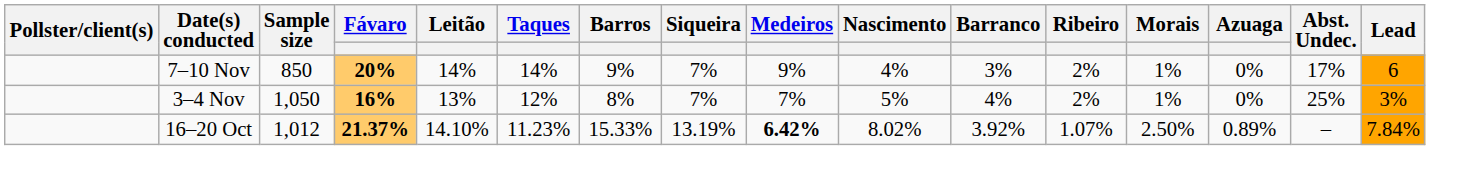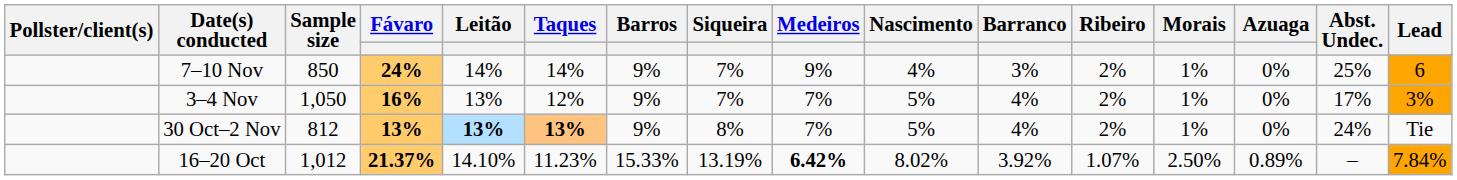 <table class="wikitable sortable" style="text-align:center;font-size:90%;line-height:14px;">
 <tr>
 <th rowspan="2">Pollster/client(s)</th>
 <th rowspan="2">Date(s)<br>conducted</th>
 <th rowspan="2" data-sort-type="number">Sample<br>size</th>
 <th class="unsortable" style="width:50px;"><a href='#'>Fávaro</a><br></th>
 <th class="unsortable" style="width:50px;">Leitão<br></th>
 <th class="unsortable" style="width:50px;"><a href='#'>Taques</a><br></th>
 <th class="unsortable" style="width:50px;">Barros<br></th>
 <th class="unsortable" style="width:50px;">Siqueira<br></th>
 <th class="unsortable" style="width:50px;"><a href='#'>Medeiros</a><br></th>
 <th class="unsortable" style="width:50px;">Nascimento<br></th>
 <th class="unsortable" style="width:50px;">Barranco<br></th>
 <th class="unsortable" style="width:50px;">Ribeiro<br></th>
 <th class="unsortable" style="width:50px;">Morais<br></th>
 <th class="unsortable" style="width:50px;">Azuaga<br></th>
 <th rowspan="2" class="unsortable">Abst.<br>Undec.</th>
 <th rowspan="2" data-sort-type="number">Lead</th>
 </tr>
 <tr>
 <th data-sort-type="number" class="sortable" style="background:"></th>
 <th data-sort-type="number" class="sortable" style="background:"></th>
 <th data-sort-type="number" class="sortable" style="background:"></th>
 <th data-sort-type="number" class="sortable" style="background:"></th>
 <th data-sort-type="number" class="sortable" style="background:"></th>
 <th data-sort-type="number" class="sortable" style="background:"></th>
 <th data-sort-type="number" class="sortable" style="background:"></th>
 <th data-sort-type="number" class="sortable" style="background:"></th>
 <th data-sort-type="number" class="sortable" style="background:"></th>
 <th data-sort-type="number" class="sortable" style="background:"></th>
 <th data-sort-type="number" class="sortable" style="background:"></th>
 </tr>
 <tr>
 <td></td>
 <td>7–10 Nov</td>
 <td>850</td>
-<td style="background:#FFCB6B;"><strong>20%</strong></td>
+<td style="background:#FFCB6B;"><strong>24%</strong></td>
 <td>14%</td>
 <td>14%</td>
 <td>9%</td>
 <td>7%</td>
 <td>9%</td>
 <td>4%</td>
 <td>3%</td>
 <td>2%</td>
 <td>1%</td>
 <td>0%</td>
-<td>17%</td>
+<td>25%</td>
 <td style="background:#FFA500;">6</td>
 </tr>
 <tr>
 <td></td>
 <td>3–4 Nov</td>
 <td>1,050</td>
 <td style="background:#FFCB6B;"><strong>16%</strong></td>
 <td>13%</td>
 <td>12%</td>
-<td>8%</td>
+<td>9%</td>
 <td>7%</td>
 <td>7%</td>
 <td>5%</td>
 <td>4%</td>
 <td>2%</td>
 <td>1%</td>
 <td>0%</td>
-<td>25%</td>
+<td>17%</td>
 <td style="background:#FFA500;">3%</td>
+</tr>
+<tr>
+<td></td>
+<td>30 Oct–2 Nov</td>
+<td>812</td>
+<td style="background:#FFCB6B;"><strong>13%</strong></td>
+<td style="background:#B3E0FF;"><strong>13%</strong></td>
+<td style="background:#FFC380;"><strong>13%</strong></td>
+<td>9%</td>
+<td>8%</td>
+<td>7%</td>
+<td>5%</td>
+<td>4%</td>
+<td>2%</td>
+<td>1%</td>
+<td>0%</td>
+<td>24%</td>
+<td>Tie</td>
 </tr>
 <tr>
 <td> </td>
 <td>16–20 Oct</td>
 <td>1,012</td>
 <td style="background:#FFCB6B;"><strong>21.37%</strong></td>
 <td>14.10%</td>
 <td>11.23%</td>
 <td>15.33%</td>
 <td>13.19%</td>
 <td><strong>6.42%</strong></td>
 <td>8.02%</td>
 <td>3.92%</td>
 <td>1.07%</td>
 <td>2.50%</td>
 <td>0.89%</td>
 <td>–</td>
 <td style="background:#FFA500;">7.84%</td>
 </tr>
 </table>
